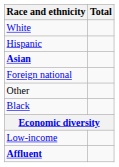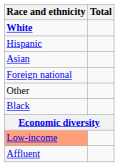 <table class="wikitable floatright sortable collapsible"; text-align:right; font-size:80%;">
 <tr>
 <th>Race and ethnicity</th>
 <th colspan="2" data-sort-type=number>Total</th>
 </tr>
 <tr>
-<td><a href='#'>White</a></td>
+<td><strong><a href='#'>White</a></strong></td>
 <td align=right></td>
 </tr>
 <tr>
 <td><a href='#'>Hispanic</a></td>
 <td align=right></td>
 </tr>
 <tr>
-<td><strong><a href='#'>Asian</a></strong></td>
+<td><a href='#'>Asian</a></td>
 <td align=right></td>
 </tr>
 <tr>
 <td><a href='#'>Foreign national</a></td>
 <td align=right></td>
 </tr>
 <tr>
 <td>Other</td>
 <td align=right></td>
 </tr>
 <tr>
 <td><a href='#'>Black</a></td>
 <td align=right></td>
 </tr>
 <tr>
 <th colspan="4" data-sort-type=number><a href='#'>Economic diversity</a></th>
 </tr>
 <tr>
-<td><a href='#'>Low-income</a></td>
+<td style="background: lightsalmon;"><a href='#'>Low-income</a></td>
 <td align=right></td>
 </tr>
 <tr>
-<td><strong><a href='#'>Affluent</a></strong></td>
+<td><a href='#'>Affluent</a></td>
 <td align=right></td>
 </tr>
 </table>
